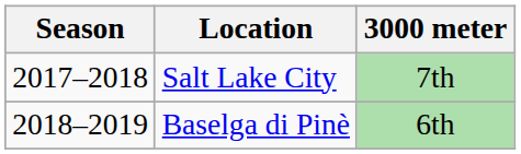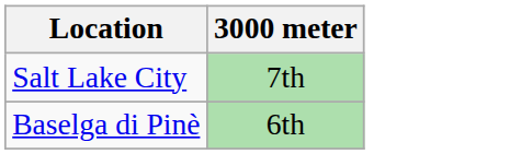 <table class="wikitable" style="display: inline-table;">
 <tr>
-<th>Season</th>
 <th>Location</th>
 <th colspan="1">3000 meter</th>
 </tr>
 <tr style="text-align:center">
-<td>2017–2018</td>
 <td align=left> <a href='#'>Salt Lake City</a></td>
 <td style="background:#addfad;">7th</td>
 </tr>
 <tr style="text-align:center">
-<td>2018–2019</td>
 <td align=left> <a href='#'>Baselga di Pinè</a></td>
 <td style="background:#addfad;">6th</td>
 </tr>
 </table>
